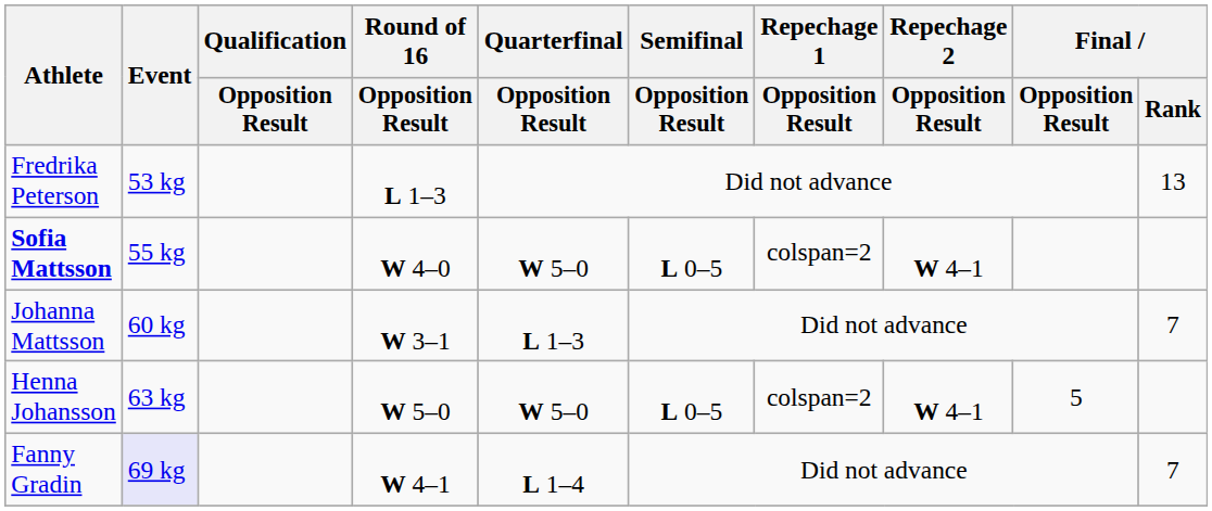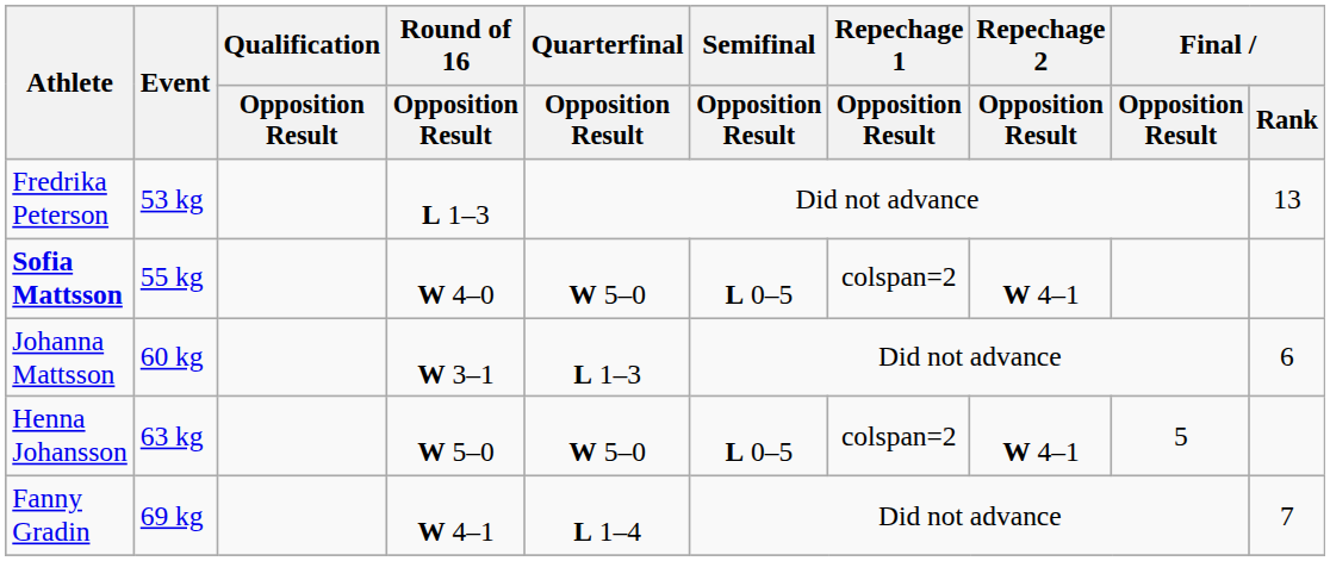 <table class="wikitable" style="font-size:90%">
 <tr>
 <th rowspan="2">Athlete</th>
 <th rowspan="2">Event</th>
 <th>Qualification</th>
 <th>Round of 16</th>
 <th>Quarterfinal</th>
 <th>Semifinal</th>
 <th>Repechage 1</th>
 <th>Repechage 2</th>
 <th colspan=2>Final / </th>
 </tr>
 <tr style="font-size: 95%">
 <th>Opposition<br>Result</th>
 <th>Opposition<br>Result</th>
 <th>Opposition<br>Result</th>
 <th>Opposition<br>Result</th>
 <th>Opposition<br>Result</th>
 <th>Opposition<br>Result</th>
 <th>Opposition<br>Result</th>
 <th>Rank</th>
 </tr>
 <tr align=center>
 <td align=left><a href='#'>Fredrika Peterson</a></td>
 <td align=left><a href='#'>53 kg</a></td>
 <td></td>
 <td><br><strong>L</strong> 1–3</td>
 <td colspan=5>Did not advance</td>
 <td>13</td>
 </tr>
 <tr align=center>
 <td align=left><strong><a href='#'>Sofia Mattsson</a></strong></td>
 <td align=left><a href='#'>55 kg</a></td>
 <td></td>
 <td><br><strong>W</strong> 4–0</td>
 <td><br><strong>W</strong> 5–0</td>
 <td><br><strong>L</strong> 0–5</td>
 <td>colspan=2 </td>
 <td><br><strong>W</strong> 4–1</td>
 <td></td>
 </tr>
 <tr align=center>
 <td align=left><a href='#'>Johanna Mattsson</a></td>
 <td align=left><a href='#'>60 kg</a></td>
 <td></td>
 <td><br><strong>W</strong> 3–1</td>
 <td><br><strong>L</strong> 1–3</td>
 <td colspan=4>Did not advance</td>
-<td>7</td>
+<td>6</td>
 </tr>
 <tr align=center>
 <td align=left><a href='#'>Henna Johansson</a></td>
 <td align=left><a href='#'>63 kg</a></td>
 <td></td>
 <td><br><strong>W</strong> 5–0</td>
 <td><br><strong>W</strong> 5–0</td>
 <td><br><strong>L</strong> 0–5</td>
 <td>colspan=2 </td>
 <td><br><strong>W</strong> 4–1</td>
 <td>5</td>
 </tr>
 <tr align=center>
 <td align=left><a href='#'>Fanny Gradin</a></td>
-<td align=left style="background: lavender;"><a href='#'>69 kg</a></td>
+<td align=left><a href='#'>69 kg</a></td>
 <td></td>
 <td><br><strong>W</strong> 4–1</td>
 <td><br><strong>L</strong> 1–4</td>
 <td colspan=4>Did not advance</td>
 <td>7</td>
 </tr>
 </table>
